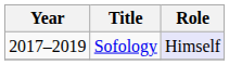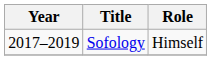 <table class="wikitable">
 <tr>
 <th>Year</th>
 <th>Title</th>
 <th>Role</th>
 </tr>
 <tr>
 <td>2017–2019</td>
 <td><a href='#'>Sofology</a></td>
-<td style="background: lavender;">Himself</td>
+<td>Himself</td>
 </tr>
 <tr>
 </tr>
 </table>
